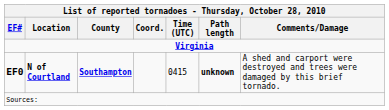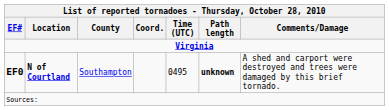 <table class="wikitable collapsible" width="100%">
 <tr>
 <th colspan="7">List of reported tornadoes - Thursday, October 28, 2010</th>
 </tr>
 <tr>
 <th><a href='#'>EF#</a></th>
 <th>Location</th>
 <th>County</th>
 <th>Coord.</th>
 <th>Time (UTC)</th>
 <th>Path length</th>
 <th>Comments/Damage</th>
 </tr>
 <tr>
 <td colspan="7" align=center><strong><a href='#'>Virginia</a></strong></td>
 </tr>
 <tr>
 <td><big><strong>EF0</strong></big></td>
 <td><strong>N of <a href='#'>Courtland</a></strong></td>
-<td><strong><a href='#'>Southampton</a></strong></td>
+<td><a href='#'>Southampton</a></td>
 <td></td>
-<td>0415</td>
+<td>0495</td>
 <td><strong>unknown</strong></td>
 <td>A shed and carport were destroyed and trees were damaged by this brief tornado.</td>
 </tr>
 <tr>
 <td colspan="7"><small>Sources: </small></td>
 </tr>
 </table>
